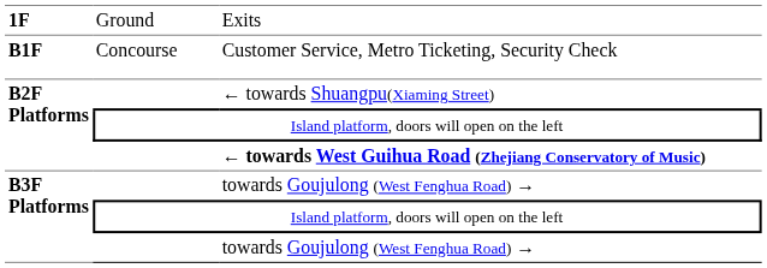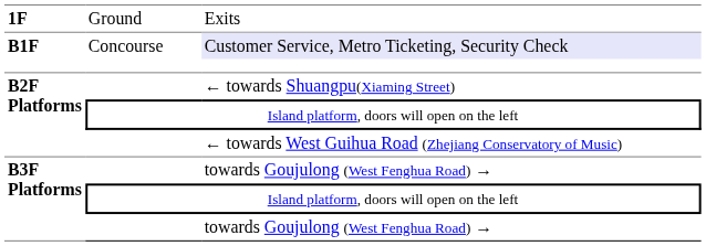 <table border="0" cellspacing="0" cellpadding="3">
 <tr>
 <td style="border-bottom:solid 1px gray;border-top:solid 1px gray;width:50px;vertical-align:top;"><strong>1F</strong></td>
 <td style="border-top:solid 1px gray;border-bottom:solid 1px gray;width:100px;vertical-align:top;">Ground</td>
 <td style="border-top:solid 1px gray;border-bottom:solid 1px gray;width:450px;vertical-align:top;">Exits</td>
 </tr>
 <tr>
 <td rowspan="3" style="border-bottom:solid 1px gray;vertical-align:top;"><strong>B1F</strong></td>
 <td rowspan="3" style="border-bottom:solid 1px gray;vertical-align:top;">Concourse</td>
-<td>Customer Service, Metro Ticketing, Security Check</td>
+<td style="background: lavender;">Customer Service, Metro Ticketing, Security Check</td>
 </tr>
 <tr>
 <td></td>
 </tr>
 <tr>
 <td style="border-bottom:solid 1px gray;"></td>
 </tr>
 <tr>
 <td rowspan="3" style="border-bottom:solid 1px gray;vertical-align:top;"><strong>B2F<br>Platforms</strong></td>
 <td style="border-bottom:solid 2px black;"></td>
 <td style="border-bottom:solid 2px black;">←  towards <a href='#'>Shuangpu</a><small>(<a href='#'>Xiaming Street</a>)</small></td>
 </tr>
 <tr>
 <td colspan="2" style="border-right:solid 2px black;border-left:solid 2px black;border-bottom:solid 2px black;text-align:center;"><small><a href='#'>Island platform</a>, doors will open on the left</small></td>
 </tr>
 <tr>
 <td style="border-bottom:solid 1px gray;"></td>
-<td style="border-bottom:solid 1px gray;"><strong>←   towards <a href='#'>West Guihua Road</a> <small>(<a href='#'>Zhejiang Conservatory of Music</a>)</small></strong></td>
+<td style="border-bottom:solid 1px gray;">←   towards <a href='#'>West Guihua Road</a> <small>(<a href='#'>Zhejiang Conservatory of Music</a>)</small></td>
 </tr>
 <tr>
 <td rowspan="3" style="border-bottom:solid 1px gray;vertical-align:top;"><strong>B3F<br>Platforms</strong></td>
 <td></td>
 <td>  towards <a href='#'>Goujulong</a> <small>(<a href='#'>West Fenghua Road</a>)</small> →</td>
 </tr>
 <tr>
 <td colspan="2" style="border-top:solid 2px black;border-right:solid 2px black;border-left:solid 2px black;border-bottom:solid 2px black;text-align:center;"><small><a href='#'>Island platform</a>, doors will open on the left</small></td>
 </tr>
 <tr>
 <td style="border-bottom:solid 1px black;"></td>
 <td style="border-bottom:solid 1px black;">   towards <a href='#'>Goujulong</a> <small>(<a href='#'>West Fenghua Road</a>)</small> →</td>
 </tr>
 </table>
